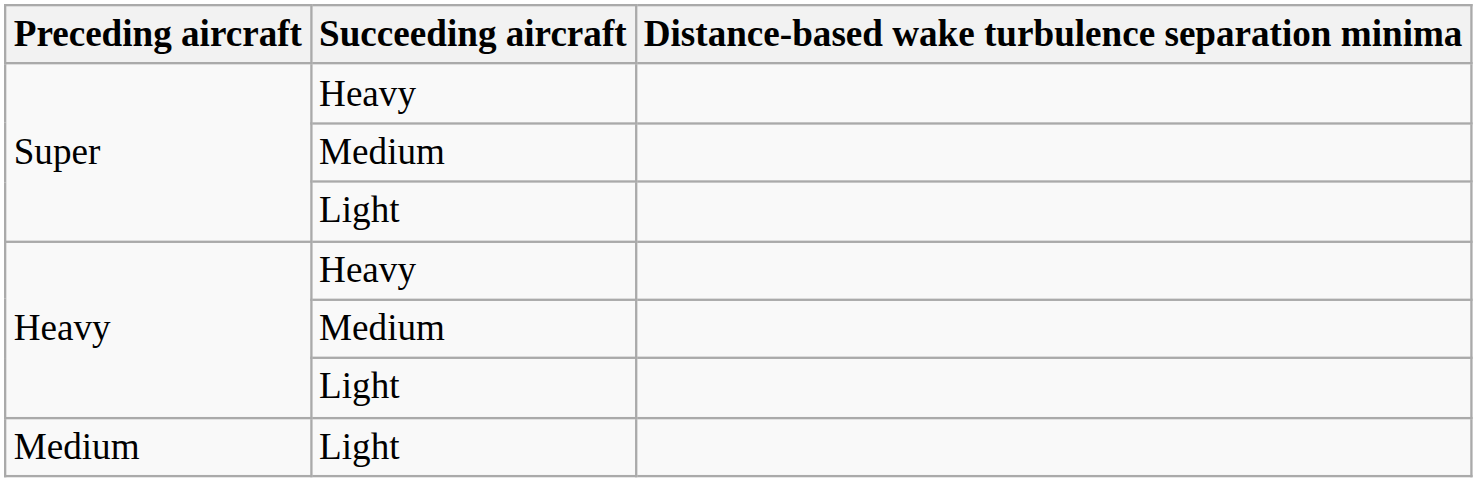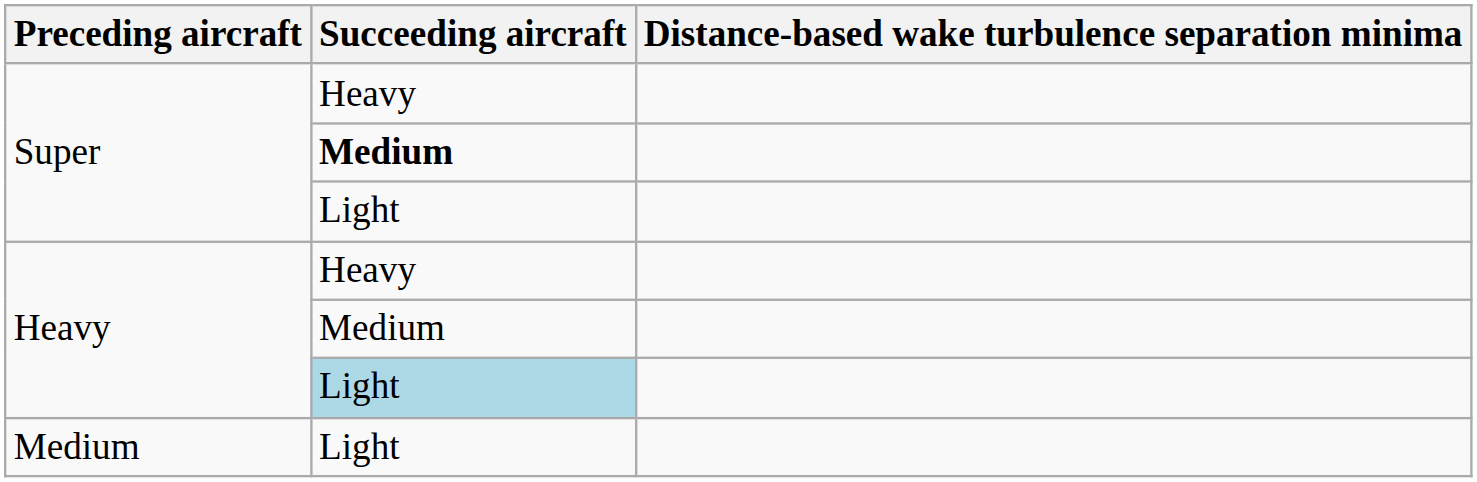 <table class="wikitable">
 <tr>
 <th>Preceding aircraft</th>
 <th>Succeeding aircraft</th>
 <th>Distance-based wake turbulence separation minima</th>
 </tr>
 <tr>
 <td rowspan=3>Super</td>
 <td>Heavy</td>
 <td></td>
 </tr>
 <tr>
-<td>Medium</td>
+<td><strong>Medium</strong></td>
 <td></td>
 </tr>
 <tr>
 <td>Light</td>
 <td></td>
 </tr>
 <tr>
 <td rowspan=3>Heavy</td>
 <td>Heavy</td>
 <td></td>
 </tr>
 <tr>
 <td>Medium</td>
 <td></td>
 </tr>
 <tr>
-<td>Light</td>
+<td style="background: lightblue;">Light</td>
 <td></td>
 </tr>
 <tr>
 <td>Medium</td>
 <td>Light</td>
 <td></td>
 </tr>
 </table>
